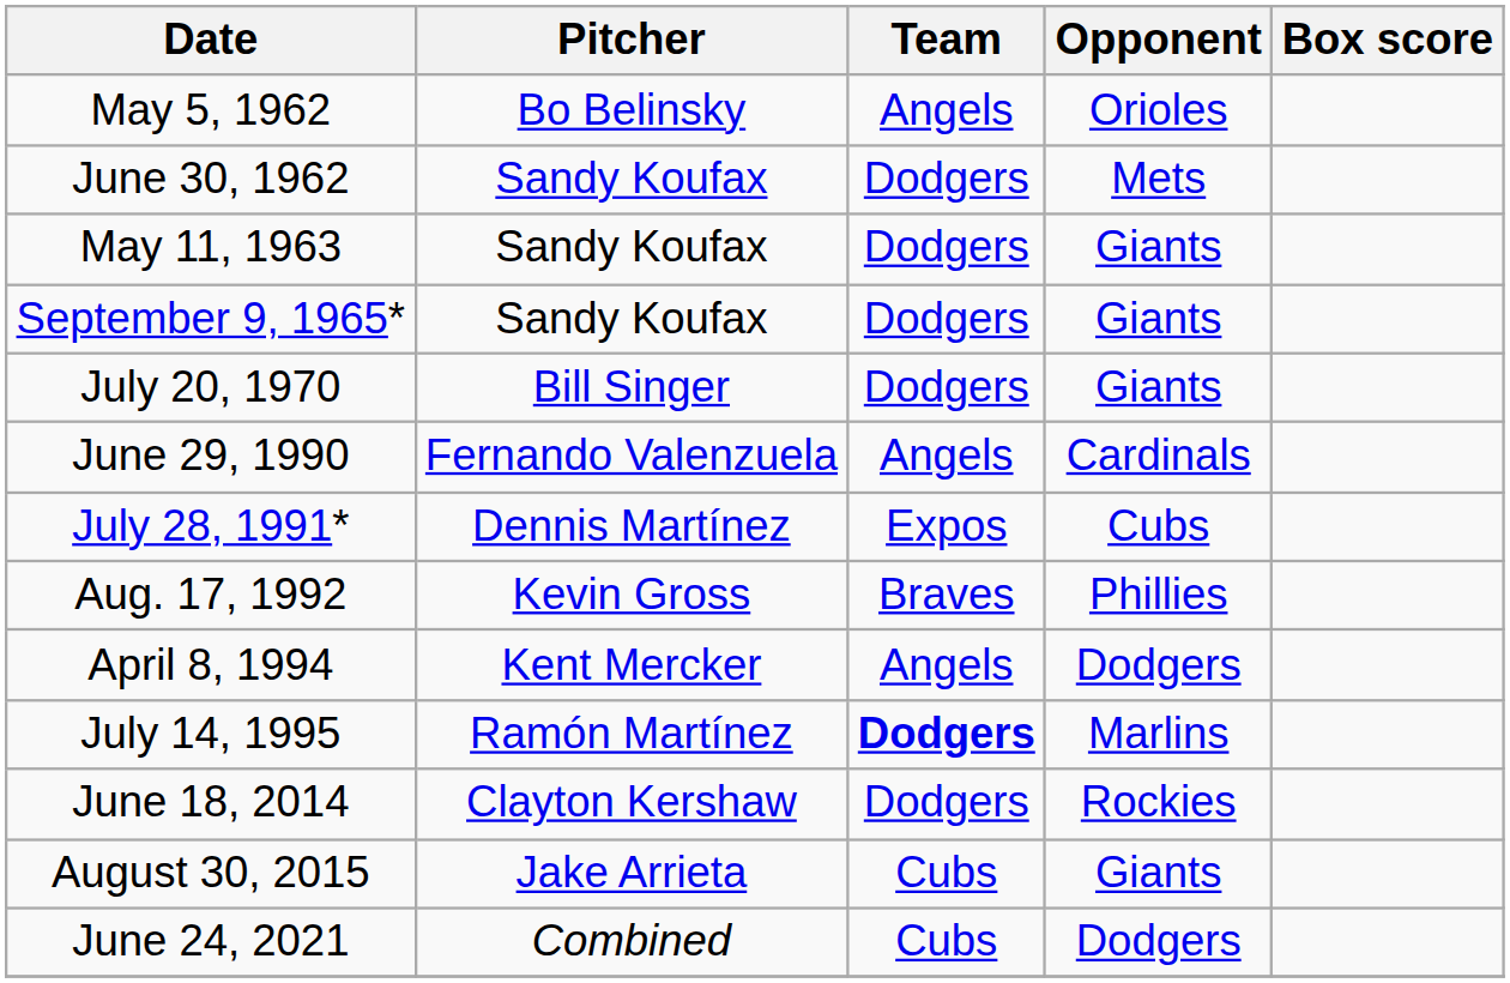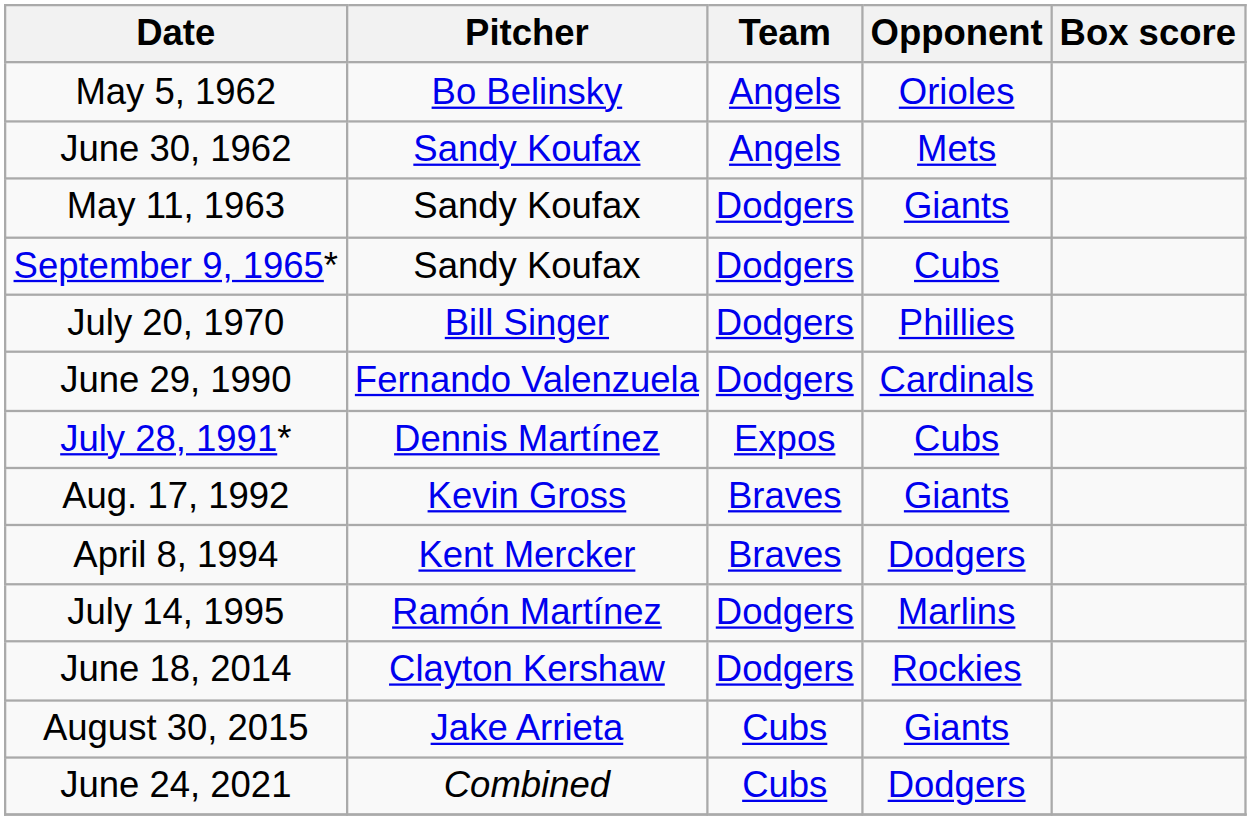 <table class="wikitable" style="text-align:center">
 <tr>
 <th>Date</th>
 <th>Pitcher</th>
 <th>Team</th>
 <th>Opponent</th>
 <th>Box score</th>
 </tr>
 <tr>
 <td>May 5, 1962</td>
 <td><a href='#'>Bo Belinsky</a></td>
 <td><a href='#'>Angels</a></td>
 <td><a href='#'>Orioles</a></td>
 <td></td>
 </tr>
 <tr>
 <td>June 30, 1962</td>
 <td><a href='#'>Sandy Koufax</a></td>
-<td><a href='#'>Dodgers</a></td>
+<td><a href='#'>Angels</a></td>
 <td><a href='#'>Mets</a></td>
 <td></td>
 </tr>
 <tr>
 <td>May 11, 1963</td>
 <td>Sandy Koufax</td>
 <td><a href='#'>Dodgers</a></td>
 <td><a href='#'>Giants</a></td>
 <td></td>
 </tr>
 <tr>
 <td><a href='#'>September 9, 1965</a>*</td>
 <td>Sandy Koufax</td>
 <td><a href='#'>Dodgers</a></td>
-<td><a href='#'>Giants</a></td>
+<td><a href='#'>Cubs</a></td>
 <td></td>
 </tr>
 <tr>
 <td>July 20, 1970</td>
 <td><a href='#'>Bill Singer</a></td>
 <td><a href='#'>Dodgers</a></td>
-<td><a href='#'>Giants</a></td>
+<td><a href='#'>Phillies</a></td>
 <td></td>
 </tr>
 <tr>
 <td>June 29, 1990</td>
 <td><a href='#'>Fernando Valenzuela</a></td>
-<td><a href='#'>Angels</a></td>
+<td><a href='#'>Dodgers</a></td>
 <td><a href='#'>Cardinals</a></td>
 <td></td>
 </tr>
 <tr>
 <td><a href='#'>July 28, 1991</a>*</td>
 <td><a href='#'>Dennis Martínez</a></td>
 <td><a href='#'>Expos</a></td>
 <td><a href='#'>Cubs</a></td>
 <td></td>
 </tr>
 <tr>
 <td>Aug. 17, 1992</td>
 <td><a href='#'>Kevin Gross</a></td>
 <td><a href='#'>Braves</a></td>
-<td><a href='#'>Phillies</a></td>
+<td><a href='#'>Giants</a></td>
 <td></td>
 </tr>
 <tr>
 <td>April 8, 1994</td>
 <td><a href='#'>Kent Mercker</a></td>
-<td><a href='#'>Angels</a></td>
+<td><a href='#'>Braves</a></td>
 <td><a href='#'>Dodgers</a></td>
 <td></td>
 </tr>
 <tr>
 <td>July 14, 1995</td>
 <td><a href='#'>Ramón Martínez</a></td>
-<td><strong><a href='#'>Dodgers</a></strong></td>
+<td><a href='#'>Dodgers</a></td>
 <td><a href='#'>Marlins</a></td>
 <td></td>
 </tr>
 <tr>
 <td>June 18, 2014</td>
 <td><a href='#'>Clayton Kershaw</a></td>
 <td><a href='#'>Dodgers</a></td>
 <td><a href='#'>Rockies</a></td>
 <td></td>
 </tr>
 <tr>
 <td>August 30, 2015</td>
 <td><a href='#'>Jake Arrieta</a></td>
 <td><a href='#'>Cubs</a></td>
 <td><a href='#'>Giants</a></td>
 <td></td>
 </tr>
 <tr>
 <td>June 24, 2021</td>
 <td><em>Combined</em></td>
 <td><a href='#'>Cubs</a></td>
 <td><a href='#'>Dodgers</a></td>
 <td></td>
 </tr>
 <tr>
 </tr>
 </table>
